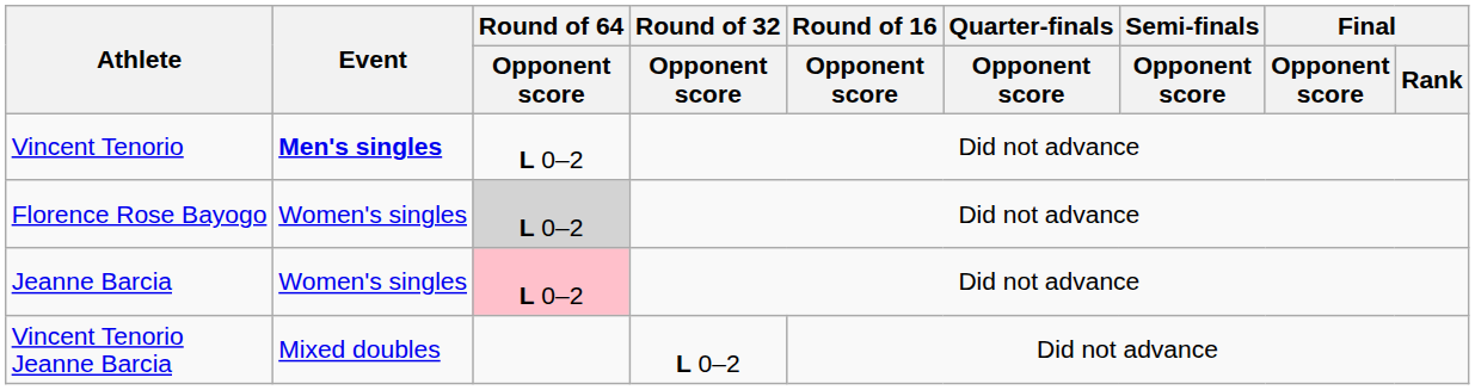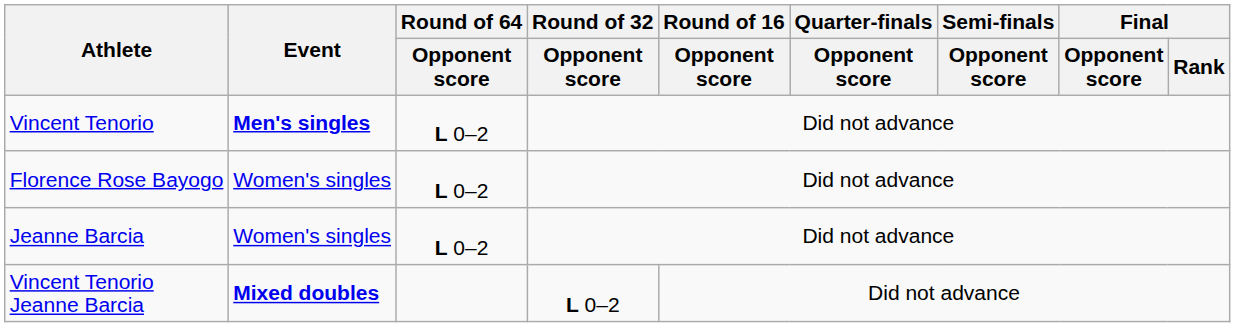 <table class="wikitable" style="font-size:90%; text-align:center">
 <tr>
 <th rowspan="2">Athlete</th>
 <th rowspan="2">Event</th>
 <th>Round of 64</th>
 <th>Round of 32</th>
 <th>Round of 16</th>
 <th>Quarter-finals</th>
 <th>Semi-finals</th>
 <th colspan="2">Final</th>
 </tr>
 <tr>
 <th>Opponent<br>score</th>
 <th>Opponent<br>score</th>
 <th>Opponent<br>score</th>
 <th>Opponent<br>score</th>
 <th>Opponent<br>score</th>
 <th>Opponent<br>score</th>
 <th>Rank</th>
 </tr>
 <tr>
 <td align="left"><a href='#'>Vincent Tenorio</a></td>
 <td align="left"><strong><a href='#'>Men's singles</a></strong></td>
 <td><br><strong>L</strong> 0–2</td>
 <td colspan="6">Did not advance</td>
 </tr>
 <tr>
 <td align="left"><a href='#'>Florence Rose Bayogo</a></td>
 <td align="left"><a href='#'>Women's singles</a></td>
-<td style="background: lightgrey;"><br><strong>L</strong> 0–2</td>
+<td><br><strong>L</strong> 0–2</td>
 <td colspan="6">Did not advance</td>
 </tr>
 <tr>
 <td align="left"><a href='#'>Jeanne Barcia</a></td>
 <td align="left"><a href='#'>Women's singles</a></td>
-<td style="background: pink;"><br><strong>L</strong> 0–2</td>
+<td><br><strong>L</strong> 0–2</td>
 <td colspan="6">Did not advance</td>
 </tr>
 <tr>
 <td align="left"><a href='#'>Vincent Tenorio</a><br><a href='#'>Jeanne Barcia</a></td>
-<td align="left"><a href='#'>Mixed doubles</a></td>
+<td align="left"><strong><a href='#'>Mixed doubles</a></strong></td>
 <td></td>
 <td><br> <strong>L</strong> 0–2</td>
 <td colspan="6">Did not advance</td>
 </tr>
 </table>
